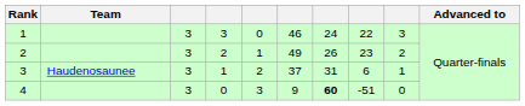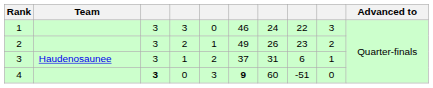 <table class="wikitable" style="text-align:center;">
 <tr>
 <th width=40>Rank</th>
 <th width=165>Team</th>
 <th width=40></th>
 <th width=40></th>
 <th width=40></th>
 <th width=40></th>
 <th width=40></th>
 <th width=40></th>
 <th width=40></th>
 <th width=125>Advanced to</th>
 </tr>
 <tr bgcolor=#ccffcc>
 <td>1</td>
 <td style="text-align:left;"></td>
 <td>3</td>
 <td>3</td>
 <td>0</td>
 <td>46</td>
 <td>24</td>
 <td>22</td>
 <td>3</td>
 <td rowspan="4">Quarter-finals</td>
 </tr>
 <tr bgcolor=#ccffcc>
 <td>2</td>
 <td style="text-align:left;"></td>
 <td>3</td>
 <td>2</td>
 <td>1</td>
 <td>49</td>
 <td>26</td>
 <td>23</td>
 <td>2</td>
 </tr>
 <tr bgcolor=#ccffcc>
 <td>3</td>
 <td style="text-align:left;"> <a href='#'>Haudenosaunee</a></td>
 <td>3</td>
 <td>1</td>
 <td>2</td>
 <td>37</td>
 <td>31</td>
 <td>6</td>
 <td>1</td>
 </tr>
 <tr bgcolor=#ccffcc>
 <td>4</td>
 <td style="text-align:left;"></td>
-<td>3</td>
+<td><strong>3</strong></td>
 <td>0</td>
 <td>3</td>
-<td>9</td>
-<td><strong>60</strong></td>
+<td><strong>9</strong></td>
+<td>60</td>
 <td>-51</td>
 <td>0</td>
 </tr>
 </table>
